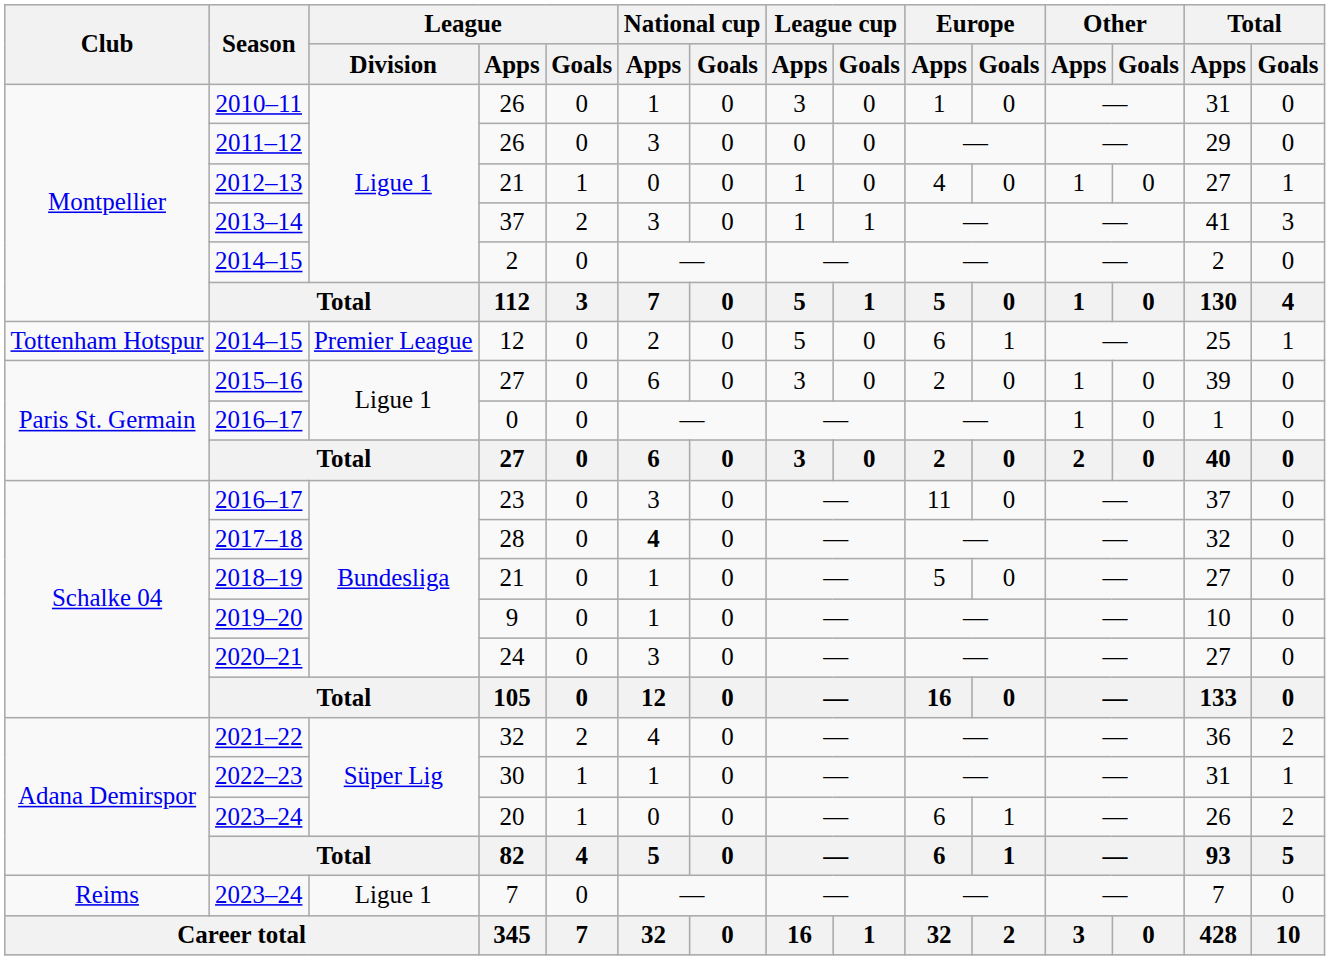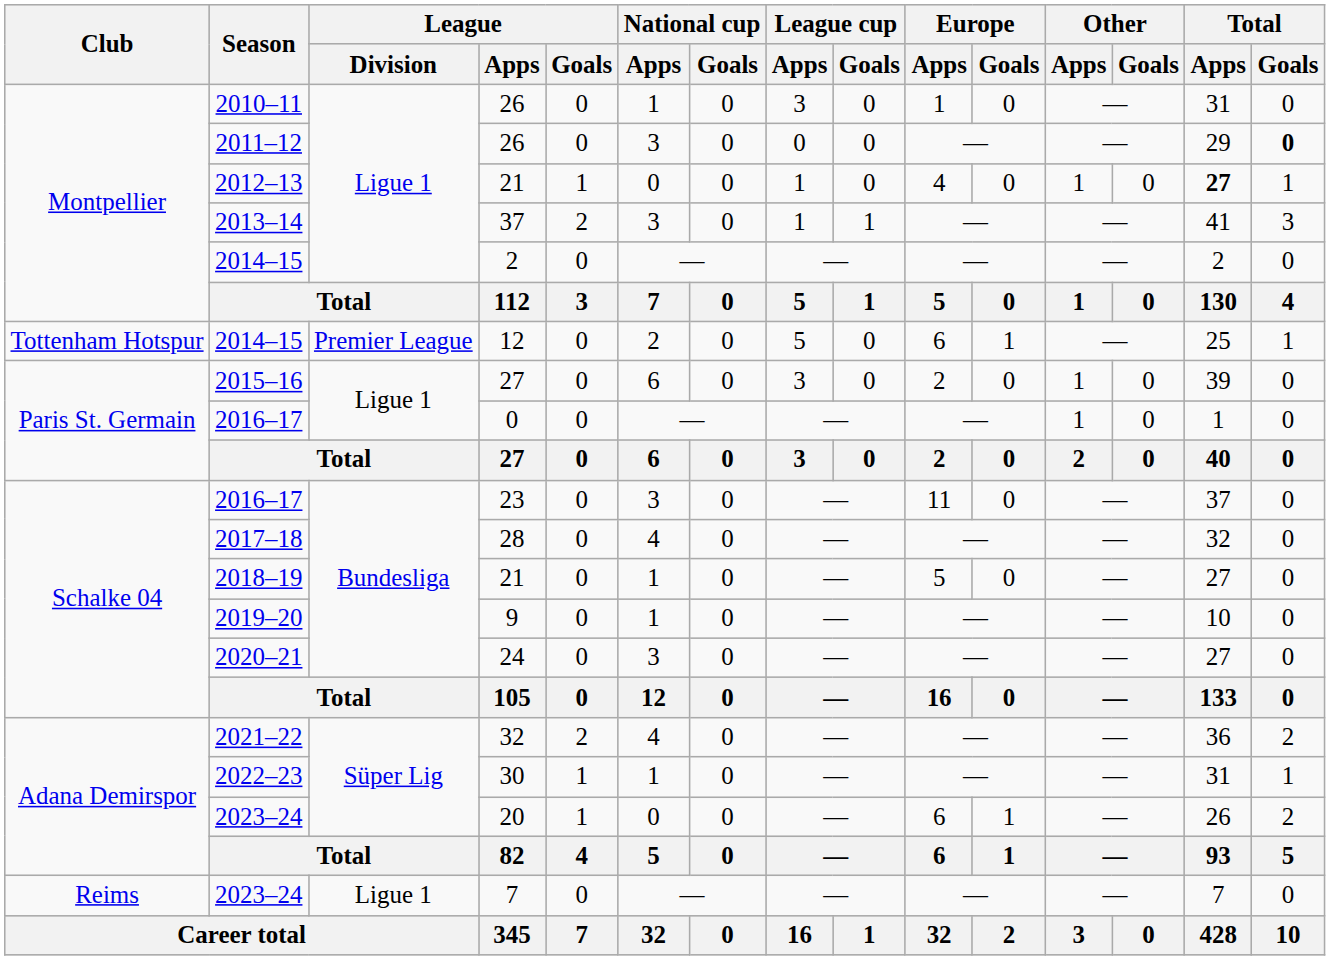 <table class="wikitable" style="text-align: center;">
 <tr>
 <th rowspan="2">Club</th>
 <th rowspan="2">Season</th>
 <th colspan="3">League</th>
 <th colspan="2">National cup</th>
 <th colspan="2">League cup</th>
 <th colspan="2">Europe</th>
 <th colspan="2">Other</th>
 <th colspan="2">Total</th>
 </tr>
 <tr>
 <th>Division</th>
 <th>Apps</th>
 <th>Goals</th>
 <th>Apps</th>
 <th>Goals</th>
 <th>Apps</th>
 <th>Goals</th>
 <th>Apps</th>
 <th>Goals</th>
 <th>Apps</th>
 <th>Goals</th>
 <th>Apps</th>
 <th>Goals</th>
 </tr>
 <tr>
 <td rowspan="6"><a href='#'>Montpellier</a></td>
 <td><a href='#'>2010–11</a></td>
 <td rowspan="5"><a href='#'>Ligue 1</a></td>
 <td>26</td>
 <td>0</td>
 <td>1</td>
 <td>0</td>
 <td>3</td>
 <td>0</td>
 <td>1</td>
 <td>0</td>
 <td colspan="2">—</td>
 <td>31</td>
 <td>0</td>
 </tr>
 <tr>
 <td><a href='#'>2011–12</a></td>
 <td>26</td>
 <td>0</td>
 <td>3</td>
 <td>0</td>
 <td>0</td>
 <td>0</td>
 <td colspan="2">—</td>
 <td colspan="2">—</td>
 <td>29</td>
-<td>0</td>
+<td><strong>0</strong></td>
 </tr>
 <tr>
 <td><a href='#'>2012–13</a></td>
 <td>21</td>
 <td>1</td>
 <td>0</td>
 <td>0</td>
 <td>1</td>
 <td>0</td>
 <td>4</td>
 <td>0</td>
 <td>1</td>
 <td>0</td>
-<td>27</td>
+<td><strong>27</strong></td>
 <td>1</td>
 </tr>
 <tr>
 <td><a href='#'>2013–14</a></td>
 <td>37</td>
 <td>2</td>
 <td>3</td>
 <td>0</td>
 <td>1</td>
 <td>1</td>
 <td colspan="2">—</td>
 <td colspan="2">—</td>
 <td>41</td>
 <td>3</td>
 </tr>
 <tr>
 <td><a href='#'>2014–15</a></td>
 <td>2</td>
 <td>0</td>
 <td colspan="2">—</td>
 <td colspan="2">—</td>
 <td colspan="2">—</td>
 <td colspan="2">—</td>
 <td>2</td>
 <td>0</td>
 </tr>
 <tr>
 <th colspan="2">Total</th>
 <th>112</th>
 <th>3</th>
 <th>7</th>
 <th>0</th>
 <th>5</th>
 <th>1</th>
 <th>5</th>
 <th>0</th>
 <th>1</th>
 <th>0</th>
 <th>130</th>
 <th>4</th>
 </tr>
 <tr>
 <td><a href='#'>Tottenham Hotspur</a></td>
 <td><a href='#'>2014–15</a></td>
 <td><a href='#'>Premier League</a></td>
 <td>12</td>
 <td>0</td>
 <td>2</td>
 <td>0</td>
 <td>5</td>
 <td>0</td>
 <td>6</td>
 <td>1</td>
 <td colspan="2">—</td>
 <td>25</td>
 <td>1</td>
 </tr>
 <tr>
 <td rowspan="3"><a href='#'>Paris St. Germain</a></td>
 <td><a href='#'>2015–16</a></td>
 <td rowspan="2">Ligue 1</td>
 <td>27</td>
 <td>0</td>
 <td>6</td>
 <td>0</td>
 <td>3</td>
 <td>0</td>
 <td>2</td>
 <td>0</td>
 <td>1</td>
 <td>0</td>
 <td>39</td>
 <td>0</td>
 </tr>
 <tr>
 <td><a href='#'>2016–17</a></td>
 <td>0</td>
 <td>0</td>
 <td colspan="2">—</td>
 <td colspan="2">—</td>
 <td colspan="2">—</td>
 <td>1</td>
 <td>0</td>
 <td>1</td>
 <td>0</td>
 </tr>
 <tr>
 <th colspan="2">Total</th>
 <th>27</th>
 <th>0</th>
 <th>6</th>
 <th>0</th>
 <th>3</th>
 <th>0</th>
 <th>2</th>
 <th>0</th>
 <th>2</th>
 <th>0</th>
 <th>40</th>
 <th>0</th>
 </tr>
 <tr>
 <td rowspan="6"><a href='#'>Schalke 04</a></td>
 <td><a href='#'>2016–17</a></td>
 <td rowspan="5"><a href='#'>Bundesliga</a></td>
 <td>23</td>
 <td>0</td>
 <td>3</td>
 <td>0</td>
 <td colspan="2">—</td>
 <td>11</td>
 <td>0</td>
 <td colspan="2">—</td>
 <td>37</td>
 <td>0</td>
 </tr>
 <tr>
 <td><a href='#'>2017–18</a></td>
 <td>28</td>
 <td>0</td>
-<td><strong>4</strong></td>
+<td>4</td>
 <td>0</td>
 <td colspan="2">—</td>
 <td colspan="2">—</td>
 <td colspan="2">—</td>
 <td>32</td>
 <td>0</td>
 </tr>
 <tr>
 <td><a href='#'>2018–19</a></td>
 <td>21</td>
 <td>0</td>
 <td>1</td>
 <td>0</td>
 <td colspan="2">—</td>
 <td>5</td>
 <td>0</td>
 <td colspan="2">—</td>
 <td>27</td>
 <td>0</td>
 </tr>
 <tr>
 <td><a href='#'>2019–20</a></td>
 <td>9</td>
 <td>0</td>
 <td>1</td>
 <td>0</td>
 <td colspan="2">—</td>
 <td colspan="2">—</td>
 <td colspan="2">—</td>
 <td>10</td>
 <td>0</td>
 </tr>
 <tr>
 <td><a href='#'>2020–21</a></td>
 <td>24</td>
 <td>0</td>
 <td>3</td>
 <td>0</td>
 <td colspan="2">—</td>
 <td colspan="2">—</td>
 <td colspan="2">—</td>
 <td>27</td>
 <td>0</td>
 </tr>
 <tr>
 <th colspan="2">Total</th>
 <th>105</th>
 <th>0</th>
 <th>12</th>
 <th>0</th>
 <th colspan="2">—</th>
 <th>16</th>
 <th>0</th>
 <th colspan="2">—</th>
 <th>133</th>
 <th>0</th>
 </tr>
 <tr>
 <td rowspan="4"><a href='#'>Adana Demirspor</a></td>
 <td><a href='#'>2021–22</a></td>
 <td rowspan="3"><a href='#'>Süper Lig</a></td>
 <td>32</td>
 <td>2</td>
 <td>4</td>
 <td>0</td>
 <td colspan="2">—</td>
 <td colspan="2">—</td>
 <td colspan="2">—</td>
 <td>36</td>
 <td>2</td>
 </tr>
 <tr>
 <td><a href='#'>2022–23</a></td>
 <td>30</td>
 <td>1</td>
 <td>1</td>
 <td>0</td>
 <td colspan="2">—</td>
 <td colspan="2">—</td>
 <td colspan="2">—</td>
 <td>31</td>
 <td>1</td>
 </tr>
 <tr>
 <td><a href='#'>2023–24</a></td>
 <td>20</td>
 <td>1</td>
 <td>0</td>
 <td>0</td>
 <td colspan="2">—</td>
 <td>6</td>
 <td>1</td>
 <td colspan="2">—</td>
 <td>26</td>
 <td>2</td>
 </tr>
 <tr>
 <th colspan="2">Total</th>
 <th>82</th>
 <th>4</th>
 <th>5</th>
 <th>0</th>
 <th colspan="2">—</th>
 <th>6</th>
 <th>1</th>
 <th colspan="2">—</th>
 <th>93</th>
 <th>5</th>
 </tr>
 <tr>
 <td><a href='#'>Reims</a></td>
 <td><a href='#'>2023–24</a></td>
 <td>Ligue 1</td>
 <td>7</td>
 <td>0</td>
 <td colspan="2">—</td>
 <td colspan="2">—</td>
 <td colspan="2">—</td>
 <td colspan="2">—</td>
 <td>7</td>
 <td>0</td>
 </tr>
 <tr>
 <th colspan="3">Career total</th>
 <th>345</th>
 <th>7</th>
 <th>32</th>
 <th>0</th>
 <th>16</th>
 <th>1</th>
 <th>32</th>
 <th>2</th>
 <th>3</th>
 <th>0</th>
 <th>428</th>
 <th>10</th>
 </tr>
 </table>
